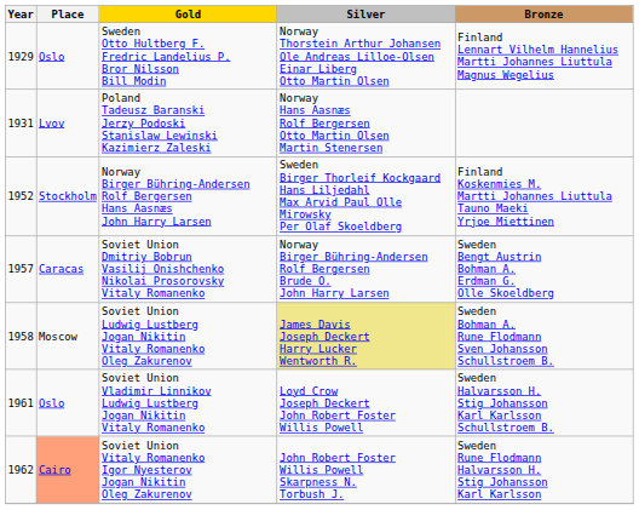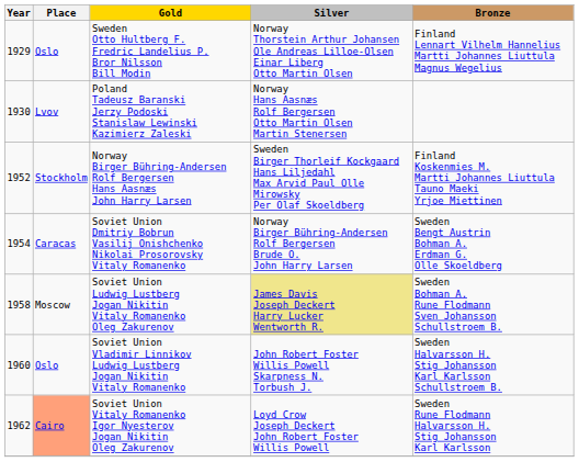 <table class="wikitable">
 <tr>
 <th>Year</th>
 <th>Place</th>
 <th style="background:gold"    width="210">Gold</th>
 <th style="background:silver"  width="210">Silver</th>
 <th style="background:#cc9966" width="210">Bronze</th>
 </tr>
 <tr>
 <td>1929</td>
 <td> <a href='#'>Oslo</a></td>
 <td> Sweden<br><a href='#'>Otto Hultberg F.</a><br><a href='#'>Fredric Landelius P.</a><br><a href='#'>Bror Nilsson</a><br><a href='#'>Bill Modin</a></td>
 <td> Norway<br><a href='#'>Thorstein Arthur Johansen</a><br><a href='#'>Ole Andreas Lilloe-Olsen</a><br><a href='#'>Einar Liberg</a><br><a href='#'>Otto Martin Olsen</a></td>
 <td> Finland<br><a href='#'>Lennart Vilhelm Hannelius</a><br><a href='#'>Martti Johannes Liuttula</a><br><a href='#'>Magnus Wegelius</a></td>
 </tr>
 <tr>
-<td>1931</td>
+<td>1930</td>
 <td> <a href='#'>Lvov</a></td>
 <td> Poland<br><a href='#'>Tadeusz Baranski</a><br><a href='#'>Jerzy Podoski</a><br><a href='#'>Stanislaw Lewinski</a><br><a href='#'>Kazimierz Zaleski</a></td>
 <td> Norway<br><a href='#'>Hans Aasnæs</a><br><a href='#'>Rolf Bergersen</a><br><a href='#'>Otto Martin Olsen</a><br><a href='#'>Martin Stenersen</a></td>
 <td></td>
 </tr>
 <tr>
 <td>1952</td>
 <td> <a href='#'>Stockholm</a></td>
 <td> Norway<br><a href='#'>Birger Bühring-Andersen</a><br><a href='#'>Rolf Bergersen</a><br><a href='#'>Hans Aasnæs</a><br><a href='#'>John Harry Larsen</a></td>
 <td> Sweden<br><a href='#'>Birger Thorleif Kockgaard</a><br><a href='#'>Hans Liljedahl</a><br><a href='#'>Max Arvid Paul Olle Mirowsky</a><br><a href='#'>Per Olaf Skoeldberg</a></td>
 <td> Finland<br><a href='#'>Koskenmies M.</a><br><a href='#'>Martti Johannes Liuttula</a><br><a href='#'>Tauno Maeki</a><br><a href='#'>Yrjoe Miettinen</a></td>
 </tr>
 <tr>
-<td>1957</td>
+<td>1954</td>
 <td> <a href='#'>Caracas</a></td>
 <td> Soviet Union<br><a href='#'>Dmitriy Bobrun</a><br><a href='#'>Vasilij Onishchenko</a><br><a href='#'>Nikolai Prosorovsky</a><br><a href='#'>Vitaly Romanenko</a></td>
 <td> Norway<br><a href='#'>Birger Bühring-Andersen</a><br><a href='#'>Rolf Bergersen</a><br><a href='#'>Brude O.</a><br><a href='#'>John Harry Larsen</a></td>
 <td> Sweden<br><a href='#'>Bengt Austrin</a><br><a href='#'>Bohman A.</a><br><a href='#'>Erdman G.</a><br><a href='#'>Olle Skoeldberg</a></td>
 </tr>
 <tr>
 <td>1958</td>
 <td> Moscow</td>
 <td> Soviet Union<br><a href='#'>Ludwig Lustberg</a><br><a href='#'>Jogan Nikitin</a><br><a href='#'>Vitaly Romanenko</a><br><a href='#'>Oleg Zakurenov</a></td>
 <td style="background: khaki;"><br><a href='#'>James Davis</a><br><a href='#'>Joseph Deckert</a><br><a href='#'>Harry Lucker</a><br><a href='#'>Wentworth R.</a></td>
 <td> Sweden<br><a href='#'>Bohman A.</a><br><a href='#'>Rune Flodmann</a><br><a href='#'>Sven Johansson</a><br><a href='#'>Schullstroem B.</a></td>
 </tr>
 <tr>
-<td>1961</td>
+<td>1960</td>
 <td> <a href='#'>Oslo</a></td>
 <td> Soviet Union<br><a href='#'>Vladimir Linnikov</a><br><a href='#'>Ludwig Lustberg</a><br><a href='#'>Jogan Nikitin</a><br><a href='#'>Vitaly Romanenko</a></td>
-<td><br><a href='#'>Loyd Crow</a><br><a href='#'>Joseph Deckert</a><br><a href='#'>John Robert Foster</a><br><a href='#'>Willis Powell</a></td>
+<td><br><a href='#'>John Robert Foster</a><br><a href='#'>Willis Powell</a><br><a href='#'>Skarpness N.</a><br><a href='#'>Torbush J.</a></td>
 <td> Sweden<br><a href='#'>Halvarsson H.</a><br><a href='#'>Stig Johansson</a><br><a href='#'>Karl Karlsson</a><br><a href='#'>Schullstroem B.</a></td>
 </tr>
 <tr>
 <td>1962</td>
 <td style="background: lightsalmon;"> <a href='#'>Cairo</a></td>
 <td> Soviet Union<br><a href='#'>Vitaly Romanenko</a><br><a href='#'>Igor Nyesterov</a><br><a href='#'>Jogan Nikitin</a><br><a href='#'>Oleg Zakurenov</a></td>
-<td><br><a href='#'>John Robert Foster</a><br><a href='#'>Willis Powell</a><br><a href='#'>Skarpness N.</a><br><a href='#'>Torbush J.</a></td>
+<td><br><a href='#'>Loyd Crow</a><br><a href='#'>Joseph Deckert</a><br><a href='#'>John Robert Foster</a><br><a href='#'>Willis Powell</a></td>
 <td> Sweden<br><a href='#'>Rune Flodmann</a><br><a href='#'>Halvarsson H.</a><br><a href='#'>Stig Johansson</a><br><a href='#'>Karl Karlsson</a></td>
 </tr>
 <tr>
 </tr>
 </table>
